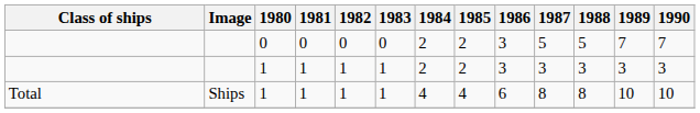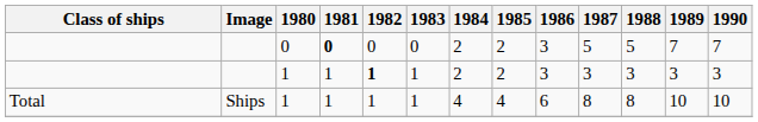 <table class="wikitable sortable collapsible collapsed">
 <tr>
 <th style="width:29%;">Class of ships</th>
 <th>Image</th>
 <th>1980</th>
 <th>1981</th>
 <th>1982</th>
 <th>1983</th>
 <th>1984</th>
 <th>1985</th>
 <th>1986</th>
 <th>1987</th>
 <th>1988</th>
 <th>1989</th>
 <th>1990</th>
 </tr>
 <tr valign="top">
 <td></td>
 <td></td>
 <td>0</td>
-<td>0</td>
+<td><strong>0</strong></td>
 <td>0</td>
 <td>0</td>
 <td>2</td>
 <td>2</td>
 <td>3</td>
 <td>5</td>
 <td>5</td>
 <td>7</td>
 <td>7</td>
 </tr>
 <tr valign="top">
 <td></td>
 <td></td>
 <td>1</td>
 <td>1</td>
-<td>1</td>
+<td><strong>1</strong></td>
 <td>1</td>
 <td>2</td>
 <td>2</td>
 <td>3</td>
 <td>3</td>
 <td>3</td>
 <td>3</td>
 <td>3</td>
 </tr>
 <tr valign="top">
 <td>Total</td>
 <td>Ships</td>
 <td>1</td>
 <td>1</td>
 <td>1</td>
 <td>1</td>
 <td>4</td>
 <td>4</td>
 <td>6</td>
 <td>8</td>
 <td>8</td>
 <td>10</td>
 <td>10</td>
 </tr>
 <tr>
 </tr>
 </table>
